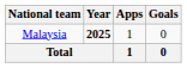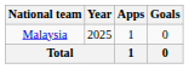 <table class=wikitable style="text-align: center;">
 <tr>
 <th>National team</th>
 <th>Year</th>
 <th>Apps</th>
 <th>Goals</th>
 </tr>
 <tr>
 <td rowspan=1><a href='#'>Malaysia</a></td>
-<td><strong>2025</strong></td>
+<td>2025</td>
 <td>1</td>
 <td>0</td>
 </tr>
 <tr>
 <th colspan=2>Total</th>
 <th>1</th>
 <th>0</th>
 </tr>
 </table>
